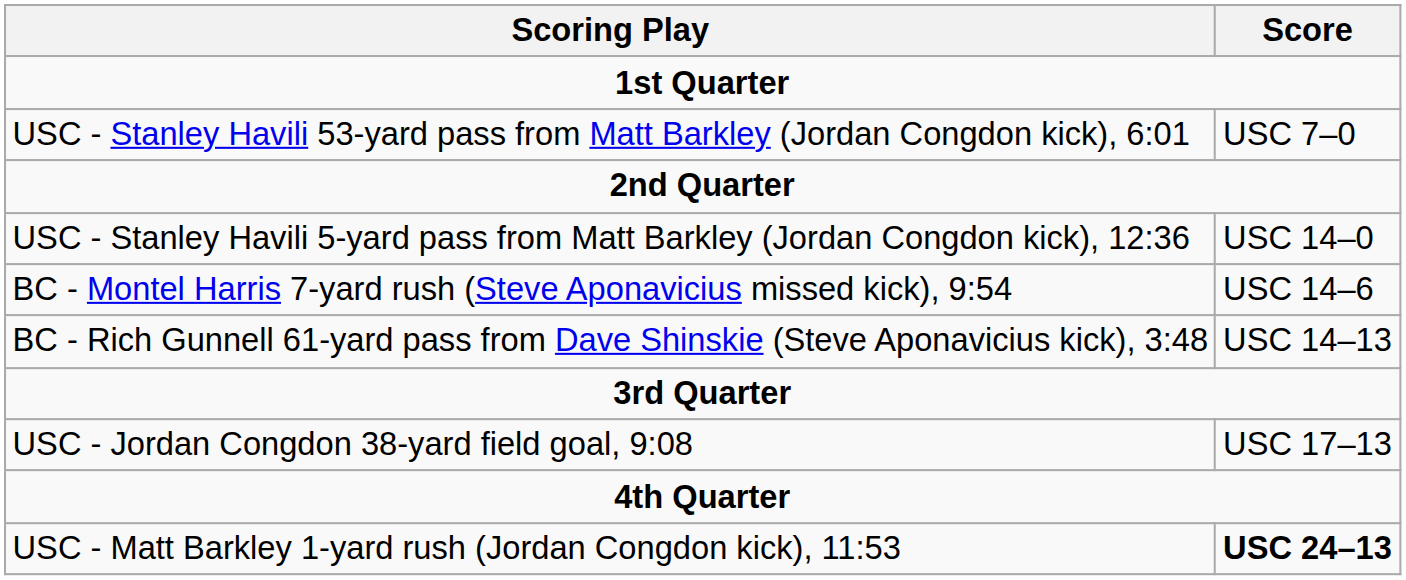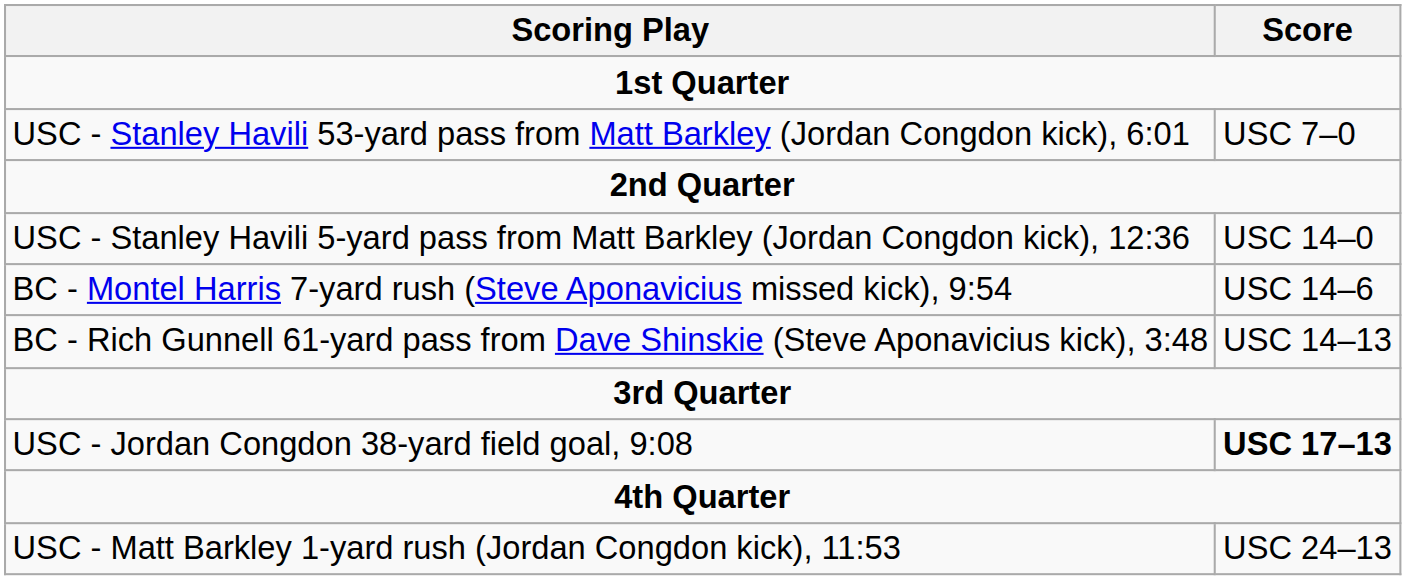 <table class="wikitable">
 <tr>
 <th>Scoring Play</th>
 <th>Score</th>
 </tr>
 <tr>
 <td colspan="4" style="text-align:center;"><strong>1st Quarter</strong></td>
 </tr>
 <tr>
 <td>USC - <a href='#'>Stanley Havili</a> 53-yard pass from <a href='#'>Matt Barkley</a> (Jordan Congdon kick), 6:01</td>
 <td>USC 7–0</td>
 </tr>
 <tr>
 <td colspan="4" style="text-align:center;"><strong>2nd Quarter</strong></td>
 </tr>
 <tr>
 <td>USC - Stanley Havili 5-yard pass from Matt Barkley (Jordan Congdon kick), 12:36</td>
 <td>USC 14–0</td>
 </tr>
 <tr>
 <td>BC - <a href='#'>Montel Harris</a> 7-yard rush (<a href='#'>Steve Aponavicius</a> missed kick), 9:54</td>
 <td>USC 14–6</td>
 </tr>
 <tr>
 <td>BC - Rich Gunnell 61-yard pass from <a href='#'>Dave Shinskie</a> (Steve Aponavicius kick), 3:48</td>
 <td>USC 14–13</td>
 </tr>
 <tr>
 <td colspan="4" style="text-align:center;"><strong>3rd Quarter</strong></td>
 </tr>
 <tr>
 <td>USC - Jordan Congdon 38-yard field goal, 9:08</td>
-<td>USC 17–13</td>
+<td><strong>USC 17–13</strong></td>
 </tr>
 <tr>
 <td colspan="4" style="text-align:center;"><strong>4th Quarter</strong></td>
 </tr>
 <tr>
 <td>USC - Matt Barkley 1-yard rush (Jordan Congdon kick), 11:53</td>
-<td><strong>USC 24–13</strong></td>
+<td>USC 24–13</td>
 </tr>
 </table>
